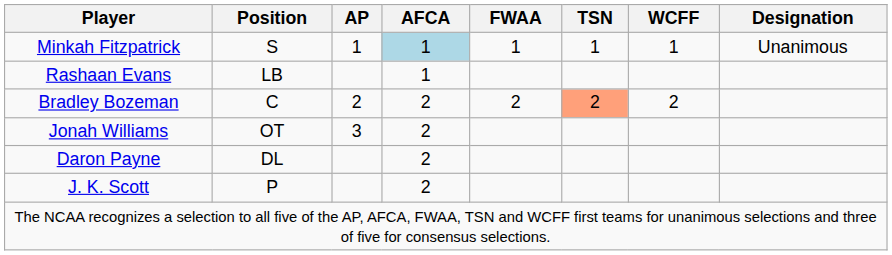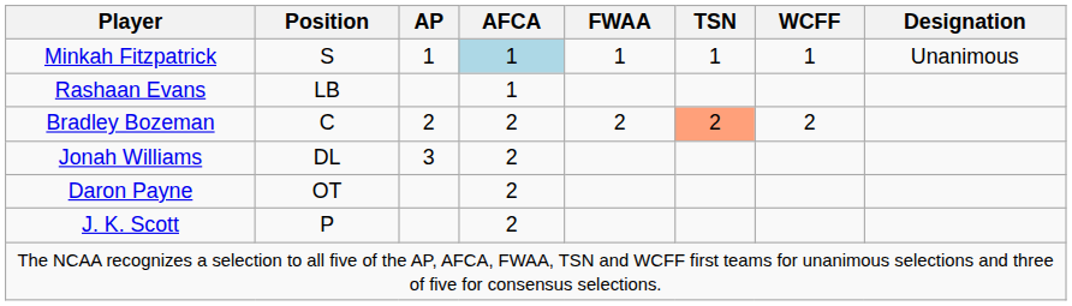 <table class="wikitable" style="width: 90%;text-align: center;">
 <tr>
 <th>Player</th>
 <th>Position</th>
 <th>AP</th>
 <th>AFCA</th>
 <th>FWAA</th>
 <th>TSN</th>
 <th>WCFF</th>
 <th>Designation</th>
 </tr>
 <tr>
 <td><a href='#'>Minkah Fitzpatrick</a></td>
 <td>S</td>
 <td>1</td>
 <td style="background: lightblue;">1</td>
 <td>1</td>
 <td>1</td>
 <td>1</td>
 <td>Unanimous</td>
 </tr>
 <tr>
 <td><a href='#'>Rashaan Evans</a></td>
 <td>LB</td>
 <td></td>
 <td>1</td>
 <td></td>
 <td></td>
 <td></td>
 <td></td>
 </tr>
 <tr>
 <td><a href='#'>Bradley Bozeman</a></td>
 <td>C</td>
 <td>2</td>
 <td>2</td>
 <td>2</td>
 <td style="background: lightsalmon;">2</td>
 <td>2</td>
 <td></td>
 </tr>
 <tr>
 <td><a href='#'>Jonah Williams</a></td>
-<td>OT</td>
+<td>DL</td>
 <td>3</td>
 <td>2</td>
 <td></td>
 <td></td>
 <td></td>
 <td></td>
 </tr>
 <tr>
 <td><a href='#'>Daron Payne</a></td>
-<td>DL</td>
+<td>OT</td>
 <td></td>
 <td>2</td>
 <td></td>
 <td></td>
 <td></td>
 <td></td>
 </tr>
 <tr>
 <td><a href='#'>J. K. Scott</a></td>
 <td>P</td>
 <td></td>
 <td>2</td>
 <td></td>
 <td></td>
 <td></td>
 <td></td>
 </tr>
 <tr>
 <td colspan="8"><small>The NCAA recognizes a selection to all five of the AP, AFCA, FWAA, TSN and WCFF first teams for unanimous selections and three of five for consensus selections.</small></td>
 </tr>
 </table>
